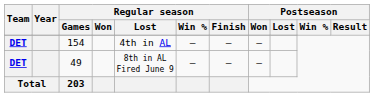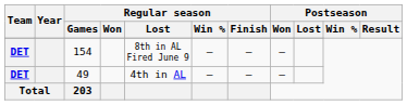 <table class="wikitable" style="font-size: 95%; text-align:center;">
 <tr>
 <th rowspan="2">Team</th>
 <th rowspan="2">Year</th>
 <th colspan="5">Regular season</th>
 <th colspan="4">Postseason</th>
 </tr>
 <tr>
 <th>Games</th>
 <th>Won</th>
 <th>Lost</th>
 <th>Win %</th>
 <th>Finish</th>
 <th>Won</th>
 <th>Lost</th>
 <th>Win %</th>
 <th>Result</th>
 </tr>
 <tr>
 </tr>
 <tr>
 <th><a href='#'>DET</a></th>
 <th></th>
 <td>154</td>
 <td></td>
-<td>4th in <a href='#'>AL</a></td>
+<td><small>8th in AL<br>Fired June 9</small></td>
 <td>–</td>
 <td>–</td>
 <td>–</td>
 <td></td>
 </tr>
 <tr>
 <th><a href='#'>DET</a></th>
 <th></th>
 <td>49</td>
 <td></td>
-<td><small>8th in AL<br>Fired June 9</small></td>
+<td>4th in <a href='#'>AL</a></td>
 <td>–</td>
 <td>–</td>
 <td>–</td>
 <td></td>
 </tr>
 <tr>
 <th colspan="2">Total</th>
 <th>203</th>
 <th></th>
 <th></th>
 <th></th>
 <th></th>
 </tr>
 </table>
